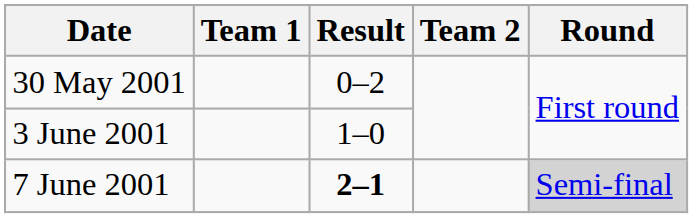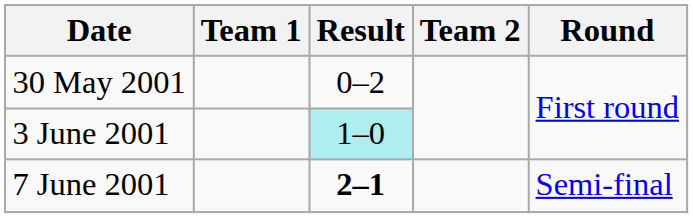 <table class="wikitable" style="text-align: left;">
 <tr>
 <th>Date</th>
 <th>Team 1</th>
 <th>Result</th>
 <th>Team 2</th>
 <th>Round</th>
 </tr>
 <tr>
 <td>30 May 2001</td>
 <td></td>
 <td style="text-align:center;">0–2</td>
 <td rowspan="2"></td>
 <td rowspan="2"><a href='#'>First round</a></td>
 </tr>
 <tr>
 <td>3 June 2001</td>
 <td></td>
-<td style="text-align:center;">1–0</td>
+<td style="background: paleturquoise; text-align:center;">1–0</td>
 </tr>
 <tr>
 <td>7 June 2001</td>
 <td></td>
 <td style="text-align:center;"><strong>2–1</strong></td>
 <td></td>
-<td style="background: lightgrey;"><a href='#'>Semi-final</a></td>
+<td><a href='#'>Semi-final</a></td>
 </tr>
 </table>
